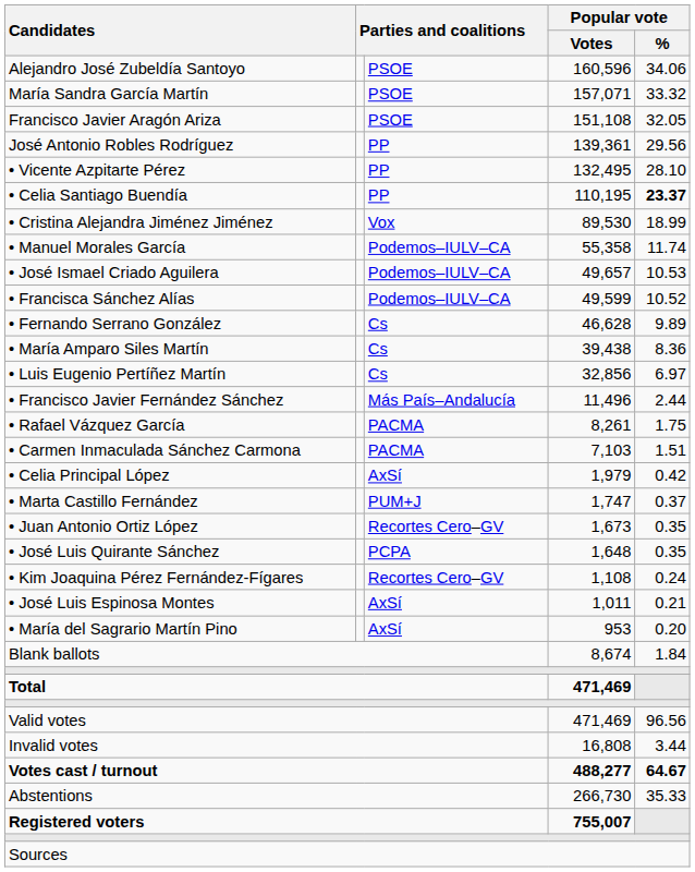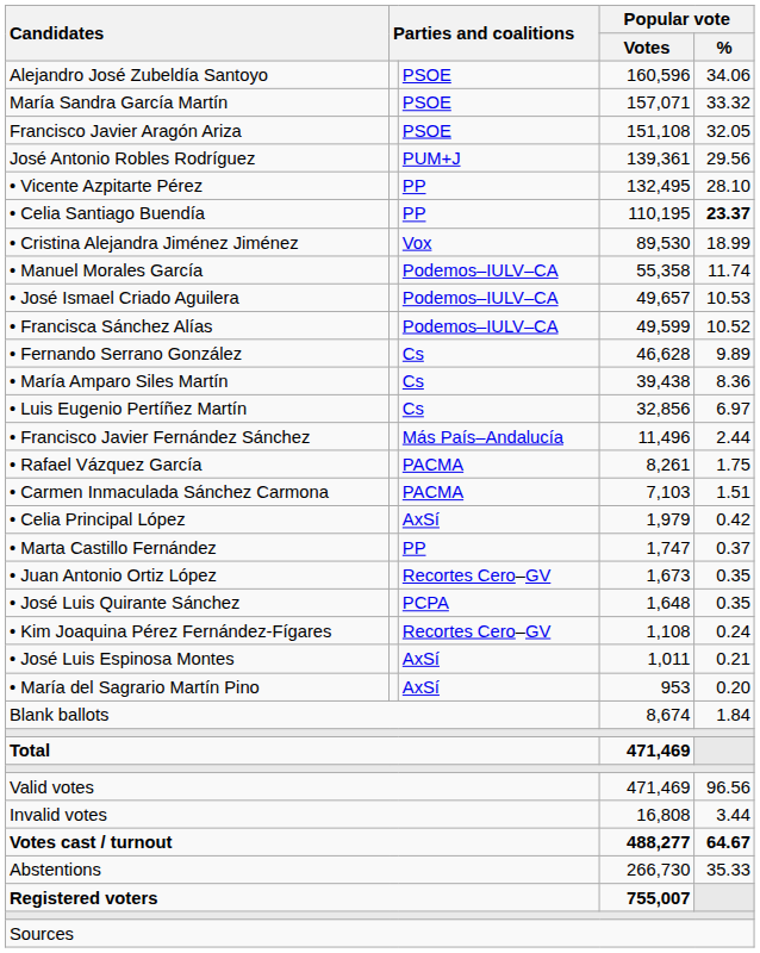 <table class="wikitable" style="text-align:right; font-size:95%;">
 <tr>
 <th style="text-align:left;" rowspan="2" width="325">Candidates</th>
 <th style="text-align:left;" rowspan="2" colspan="2" width="175">Parties and coalitions</th>
 <th colspan="2">Popular vote</th>
 </tr>
 <tr>
 <th width="75">Votes</th>
 <th width="45">%</th>
 </tr>
 <tr>
 <td align="left"> Alejandro José Zubeldía Santoyo</td>
 <td width="1" style="color:inherit;background:"></td>
 <td align="left"><a href='#'>PSOE</a></td>
 <td>160,596</td>
 <td>34.06</td>
 </tr>
 <tr>
 <td align="left"> María Sandra García Martín</td>
 <td style="color:inherit;background:"></td>
 <td align="left"><a href='#'>PSOE</a></td>
 <td>157,071</td>
 <td>33.32</td>
 </tr>
 <tr>
 <td align="left"> Francisco Javier Aragón Ariza</td>
 <td style="color:inherit;background:"></td>
 <td align="left"><a href='#'>PSOE</a></td>
 <td>151,108</td>
 <td>32.05</td>
 </tr>
 <tr>
 <td align="left"> José Antonio Robles Rodríguez</td>
 <td style="color:inherit;background:"></td>
-<td align="left"><a href='#'>PP</a></td>
+<td align="left"><a href='#'>PUM+J</a></td>
 <td>139,361</td>
 <td>29.56</td>
 </tr>
 <tr>
 <td align="left">• Vicente Azpitarte Pérez</td>
 <td style="color:inherit;background:"></td>
 <td align="left"><a href='#'>PP</a></td>
 <td>132,495</td>
 <td>28.10</td>
 </tr>
 <tr>
 <td align="left">• Celia Santiago Buendía</td>
 <td style="color:inherit;background:"></td>
 <td align="left"><a href='#'>PP</a></td>
 <td>110,195</td>
 <td><strong>23.37</strong></td>
 </tr>
 <tr>
 <td align="left">• Cristina Alejandra Jiménez Jiménez</td>
 <td style="color:inherit;background:"></td>
 <td align="left"><a href='#'>Vox</a></td>
 <td>89,530</td>
 <td>18.99</td>
 </tr>
 <tr>
 <td align="left">• Manuel Morales García</td>
 <td style="color:inherit;background:"></td>
 <td align="left"><a href='#'>Podemos–IULV–CA</a></td>
 <td>55,358</td>
 <td>11.74</td>
 </tr>
 <tr>
 <td align="left">• José Ismael Criado Aguilera</td>
 <td style="color:inherit;background:"></td>
 <td align="left"><a href='#'>Podemos–IULV–CA</a></td>
 <td>49,657</td>
 <td>10.53</td>
 </tr>
 <tr>
 <td align="left">• Francisca Sánchez Alías</td>
 <td style="color:inherit;background:"></td>
 <td align="left"><a href='#'>Podemos–IULV–CA</a></td>
 <td>49,599</td>
 <td>10.52</td>
 </tr>
 <tr>
 <td align="left">• Fernando Serrano González</td>
 <td style="color:inherit;background:"></td>
 <td align="left"><a href='#'>Cs</a></td>
 <td>46,628</td>
 <td>9.89</td>
 </tr>
 <tr>
 <td align="left">• María Amparo Siles Martín</td>
 <td style="color:inherit;background:"></td>
 <td align="left"><a href='#'>Cs</a></td>
 <td>39,438</td>
 <td>8.36</td>
 </tr>
 <tr>
 <td align="left">• Luis Eugenio Pertíñez Martín</td>
 <td style="color:inherit;background:"></td>
 <td align="left"><a href='#'>Cs</a></td>
 <td>32,856</td>
 <td>6.97</td>
 </tr>
 <tr>
 <td align="left">• Francisco Javier Fernández Sánchez</td>
 <td style="color:inherit;background:"></td>
 <td align="left"><a href='#'>Más País–Andalucía</a></td>
 <td>11,496</td>
 <td>2.44</td>
 </tr>
 <tr>
 <td align="left">• Rafael Vázquez García</td>
 <td style="color:inherit;background:"></td>
 <td align="left"><a href='#'>PACMA</a></td>
 <td>8,261</td>
 <td>1.75</td>
 </tr>
 <tr>
 <td align="left">• Carmen Inmaculada Sánchez Carmona</td>
 <td style="color:inherit;background:"></td>
 <td align="left"><a href='#'>PACMA</a></td>
 <td>7,103</td>
 <td>1.51</td>
 </tr>
 <tr>
 <td align="left">• Celia Principal López</td>
 <td style="color:inherit;background:"></td>
 <td align="left"><a href='#'>AxSí</a></td>
 <td>1,979</td>
 <td>0.42</td>
 </tr>
 <tr>
 <td align="left">• Marta Castillo Fernández</td>
 <td style="color:inherit;background:"></td>
-<td align="left"><a href='#'>PUM+J</a></td>
+<td align="left"><a href='#'>PP</a></td>
 <td>1,747</td>
 <td>0.37</td>
 </tr>
 <tr>
 <td align="left">• Juan Antonio Ortiz López</td>
 <td style="color:inherit;background:"></td>
 <td align="left"><a href='#'>Recortes Cero</a>–<a href='#'>GV</a></td>
 <td>1,673</td>
 <td>0.35</td>
 </tr>
 <tr>
 <td align="left">• José Luis Quirante Sánchez</td>
 <td style="color:inherit;background:"></td>
 <td align="left"><a href='#'>PCPA</a></td>
 <td>1,648</td>
 <td>0.35</td>
 </tr>
 <tr>
 <td align="left">• Kim Joaquina Pérez Fernández-Fígares</td>
 <td style="color:inherit;background:"></td>
 <td align="left"><a href='#'>Recortes Cero</a>–<a href='#'>GV</a></td>
 <td>1,108</td>
 <td>0.24</td>
 </tr>
 <tr>
 <td align="left">• José Luis Espinosa Montes</td>
 <td style="color:inherit;background:"></td>
 <td align="left"><a href='#'>AxSí</a></td>
 <td>1,011</td>
 <td>0.21</td>
 </tr>
 <tr>
 <td align="left">• María del Sagrario Martín Pino</td>
 <td style="color:inherit;background:"></td>
 <td align="left"><a href='#'>AxSí</a></td>
 <td>953</td>
 <td>0.20</td>
 </tr>
 <tr>
 <td align="left" colspan="3">Blank ballots</td>
 <td>8,674</td>
 <td>1.84</td>
 </tr>
 <tr>
 <td colspan="5" bgcolor="#E9E9E9"></td>
 </tr>
 <tr style="font-weight:bold;">
 <td align="left" colspan="3">Total</td>
 <td>471,469</td>
 <td bgcolor="#E9E9E9"></td>
 </tr>
 <tr>
 <td colspan="5" bgcolor="#E9E9E9"></td>
 </tr>
 <tr>
 <td align="left" colspan="3">Valid votes</td>
 <td>471,469</td>
 <td>96.56</td>
 </tr>
 <tr>
 <td align="left" colspan="3">Invalid votes</td>
 <td>16,808</td>
 <td>3.44</td>
 </tr>
 <tr style="font-weight:bold;">
 <td align="left" colspan="3">Votes cast / turnout</td>
 <td>488,277</td>
 <td>64.67</td>
 </tr>
 <tr>
 <td align="left" colspan="3">Abstentions</td>
 <td>266,730</td>
 <td>35.33</td>
 </tr>
 <tr style="font-weight:bold;">
 <td align="left" colspan="3">Registered voters</td>
 <td>755,007</td>
 <td bgcolor="#E9E9E9"></td>
 </tr>
 <tr>
 <td colspan="5" bgcolor="#E9E9E9"></td>
 </tr>
 <tr>
 <td align="left" colspan="5">Sources</td>
 </tr>
 </table>
